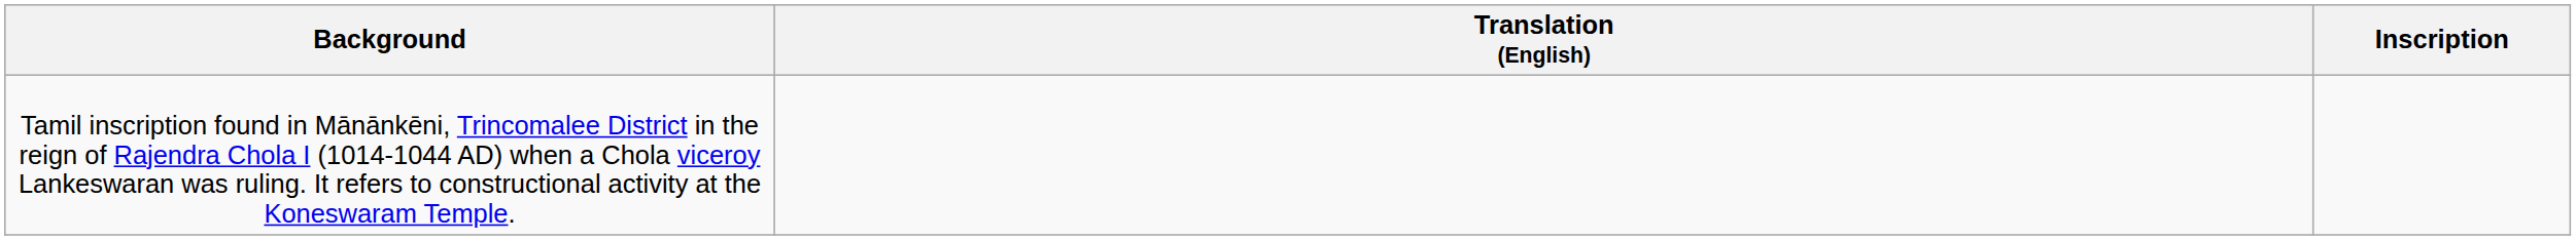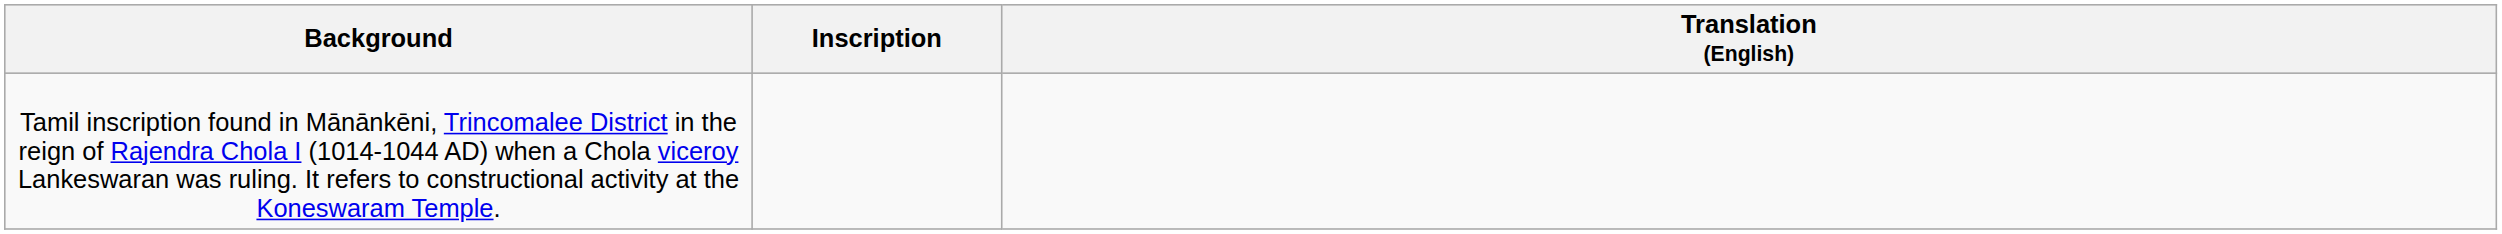 <table class="wikitable centre">
 <tr>
 <th scope="col" align=left>Background<br></th>
+<th>Inscription<br></th>
 <th>Translation<br><small>(English)</small></th>
-<th>Inscription<br></th>
 </tr>
 <tr>
 <td align=center width="30%"><br>Tamil inscription found in Mānānkēni, <a href='#'>Trincomalee District</a> in the reign of <a href='#'>Rajendra Chola I</a> (1014-1044 AD) when a Chola <a href='#'>viceroy</a> Lankeswaran was ruling. It refers to constructional activity at the <a href='#'>Koneswaram Temple</a>.</td>
+<td align=center width="10%"></td>
 <td align=left><br></td>
-<td align=center width="10%"></td>
 </tr>
 </table>
